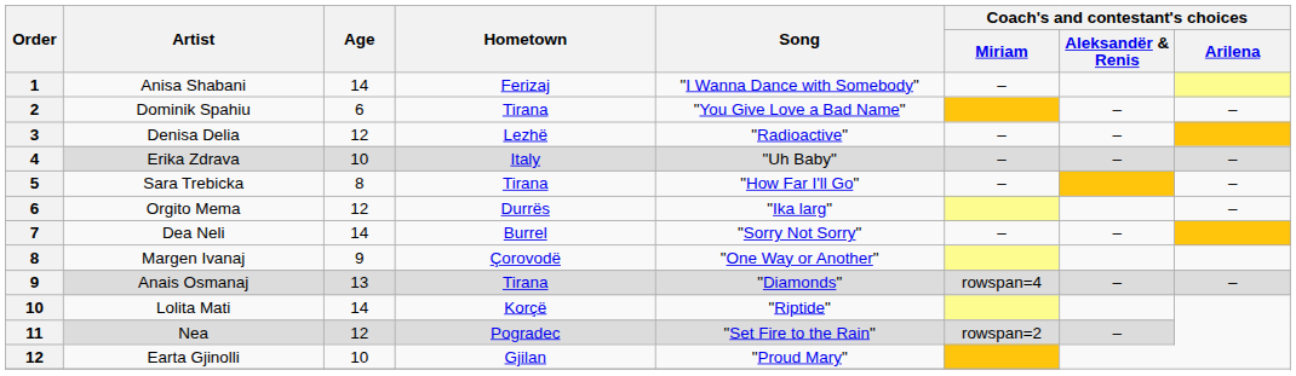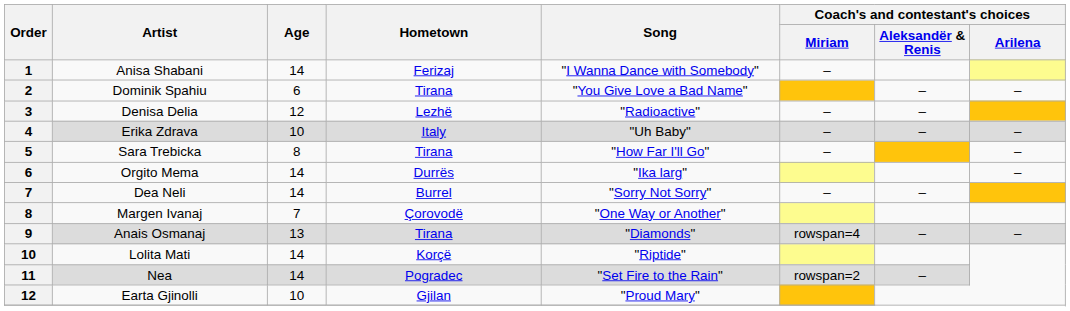 <table class="wikitable" style="text-align:center; line-height:17px; width:100%;">
 <tr>
 <th scope="col" rowspan=2 width="04%">Order</th>
 <th scope="col" rowspan=2 width="18%">Artist</th>
 <th scope="col" rowspan=2 width="05%">Age</th>
 <th scope="col" rowspan=2 width="18%">Hometown</th>
 <th scope="col" rowspan=2 width="20%">Song</th>
 <th scope="col" colspan=3 width="24%">Coach's and contestant's choices</th>
 </tr>
 <tr>
 <th width="08%"><a href='#'>Miriam</a></th>
 <th width="08%"><a href='#'>Aleksandër</a> & <a href='#'>Renis</a></th>
 <th width="08%"><a href='#'>Arilena</a></th>
 </tr>
 <tr>
 <th>1</th>
 <td>Anisa Shabani</td>
 <td>14</td>
 <td><a href='#'>Ferizaj</a></td>
 <td>"<a href='#'>I Wanna Dance with Somebody</a>"</td>
 <td>–</td>
 <td><strong></strong></td>
 <td style="background: #fdfc8f;"><strong></strong></td>
 </tr>
 <tr>
 <th>2</th>
 <td>Dominik Spahiu</td>
 <td>6</td>
 <td><a href='#'>Tirana</a></td>
 <td>"<a href='#'>You Give Love a Bad Name</a>"</td>
 <td style="background: #ffc40c;"><strong></strong></td>
 <td>–</td>
 <td>–</td>
 </tr>
 <tr>
 <th>3</th>
 <td>Denisa Delia</td>
 <td>12</td>
 <td><a href='#'>Lezhë</a></td>
 <td>"<a href='#'>Radioactive</a>"</td>
 <td>–</td>
 <td>–</td>
 <td style="background: #ffc40c;"><strong></strong></td>
 </tr>
 <tr style="background: #dcdcdc;" |>
 <th>4</th>
 <td>Erika Zdrava</td>
 <td>10</td>
 <td><a href='#'>Italy</a></td>
 <td>"Uh Baby"</td>
 <td>–</td>
 <td>–</td>
 <td>–</td>
 </tr>
 <tr>
 <th>5</th>
 <td>Sara Trebicka</td>
 <td>8</td>
 <td><a href='#'>Tirana</a></td>
 <td>"<a href='#'>How Far I'll Go</a>"</td>
 <td>–</td>
 <td style="background: #ffc40c;"><strong></strong></td>
 <td>–</td>
 </tr>
 <tr>
 <th>6</th>
 <td>Orgito Mema</td>
-<td>12</td>
+<td>14</td>
 <td><a href='#'>Durrës</a></td>
 <td>"<a href='#'>Ika larg</a>"</td>
 <td style="background: #fdfc8f;"><strong></strong></td>
 <td><strong></strong></td>
 <td>–</td>
 </tr>
 <tr>
 <th>7</th>
 <td>Dea Neli</td>
 <td>14</td>
 <td><a href='#'>Burrel</a></td>
 <td>"<a href='#'>Sorry Not Sorry</a>"</td>
 <td>–</td>
 <td>–</td>
 <td style="background: #ffc40c;"><strong></strong></td>
 </tr>
 <tr>
 <th>8</th>
 <td>Margen Ivanaj</td>
-<td>9</td>
+<td>7</td>
 <td><a href='#'>Çorovodë</a></td>
 <td>"<a href='#'>One Way or Another</a>"</td>
 <td style="background: #fdfc8f;"><strong></strong></td>
 <td><strong></strong></td>
 <td><strong></strong></td>
 </tr>
 <tr style="background: #dcdcdc;" |>
 <th>9</th>
 <td>Anais Osmanaj</td>
 <td>13</td>
 <td><a href='#'>Tirana</a></td>
 <td>"<a href='#'>Diamonds</a>"</td>
 <td>rowspan=4 </td>
 <td>–</td>
 <td>–</td>
 </tr>
 <tr>
 <th>10</th>
 <td>Lolita Mati</td>
 <td>14</td>
 <td><a href='#'>Korçë</a></td>
 <td>"<a href='#'>Riptide</a>"</td>
 <td style="background: #fdfc8f;"><strong></strong></td>
 <td><strong></strong></td>
 </tr>
 <tr style="background: #dcdcdc;" |>
 <th>11</th>
 <td>Nea</td>
-<td>12</td>
+<td>14</td>
 <td><a href='#'>Pogradec</a></td>
 <td>"<a href='#'>Set Fire to the Rain</a>"</td>
 <td>rowspan=2 </td>
 <td>–</td>
 </tr>
 <tr>
 <th>12</th>
 <td>Earta Gjinolli</td>
 <td>10</td>
 <td><a href='#'>Gjilan</a></td>
 <td>"<a href='#'>Proud Mary</a>"</td>
 <td style="background: #ffc40c;"><strong></strong></td>
 </tr>
 <tr>
 </tr>
 </table>
